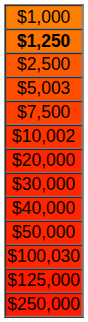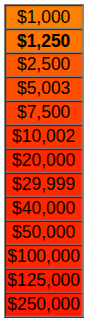 <table border=1 cellspacing=0 cellpadding =1 width=50px|->
 <tr>
 <td bgcolor="#FF8000" align=center><span>$1,000</span></td>
 </tr>
 <tr>
 <td bgcolor="#FF7300" align=center><strong><span>$1,250</span></strong></td>
 </tr>
 <tr>
 <td bgcolor="#FF5900" align=center><span>$2,500</span></td>
 </tr>
 <tr>
 <td bgcolor="#FF4D00" align=center><span>$5,003</span></td>
 </tr>
 <tr>
 <td bgcolor="#FF4000" align=center><span>$7,500</span></td>
 </tr>
 <tr>
 <td bgcolor="#FF3300" align=center><span>$10,002</span></td>
 </tr>
 <tr>
 <td bgcolor="#FF2600" align=center><span>$20,000</span></td>
 </tr>
 <tr>
-<td bgcolor="#FF2600" align=center><span>$30,000</span></td>
+<td bgcolor="#FF2600" align=center><span>$29,999</span></td>
 </tr>
 <tr>
 <td bgcolor="#FF2600" align=center><span>$40,000</span></td>
 </tr>
 <tr>
 <td bgcolor="#FF2600" align=center><span>$50,000</span></td>
 </tr>
 <tr>
-<td bgcolor="#FF2600" align=center><span>$100,030</span></td>
+<td bgcolor="#FF2600" align=center><span>$100,000</span></td>
 </tr>
 <tr>
 <td bgcolor="#FF1A00" align=center><span>$125,000</span></td>
 </tr>
 <tr>
 <td bgcolor="#FF1A00" align=center><span>$250,000</span></td>
 </tr>
 </table>
